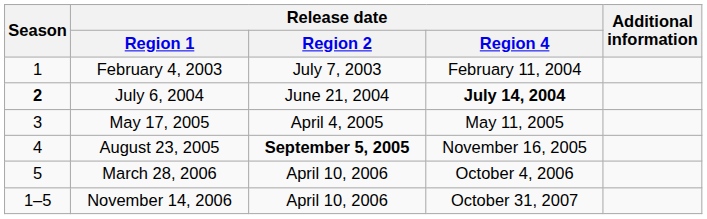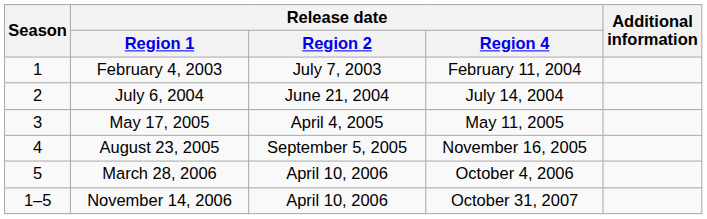 <table class="wikitable">
 <tr>
 <th rowspan="2">Season</th>
 <th colspan="3">Release date</th>
 <th rowspan="2" width="50">Additional information</th>
 </tr>
 <tr>
 <th ! width="165"><a href='#'>Region 1</a></th>
 <th ! width="165"><a href='#'>Region 2</a></th>
 <th ! width="165"><a href='#'>Region 4</a></th>
 </tr>
 <tr>
 <td align="center">1</td>
 <td align="center">February 4, 2003</td>
 <td align="center">July 7, 2003</td>
 <td align="center">February 11, 2004</td>
 <td><br></td>
 </tr>
 <tr>
-<td align="center"><strong>2</strong></td>
+<td align="center">2</td>
 <td align="center">July 6, 2004</td>
 <td align="center">June 21, 2004</td>
-<td align="center"><strong>July 14, 2004</strong></td>
+<td align="center">July 14, 2004</td>
 <td><br></td>
 </tr>
 <tr>
 <td align="center">3</td>
 <td align="center">May 17, 2005</td>
 <td align="center">April 4, 2005</td>
 <td align="center">May 11, 2005</td>
 <td><br></td>
 </tr>
 <tr>
 <td align="center">4</td>
 <td align="center">August 23, 2005</td>
-<td align="center"><strong>September 5, 2005</strong></td>
+<td align="center">September 5, 2005</td>
 <td align="center">November 16, 2005</td>
 <td><br></td>
 </tr>
 <tr>
 <td align="center">5</td>
 <td align="center">March 28, 2006</td>
 <td align="center">April 10, 2006</td>
 <td align="center">October 4, 2006</td>
 <td><br></td>
 </tr>
 <tr>
 <td align="center">1–5</td>
 <td align="center">November 14, 2006</td>
 <td align="center">April 10, 2006</td>
 <td align="center">October 31, 2007</td>
 <td><br></td>
 </tr>
 </table>
